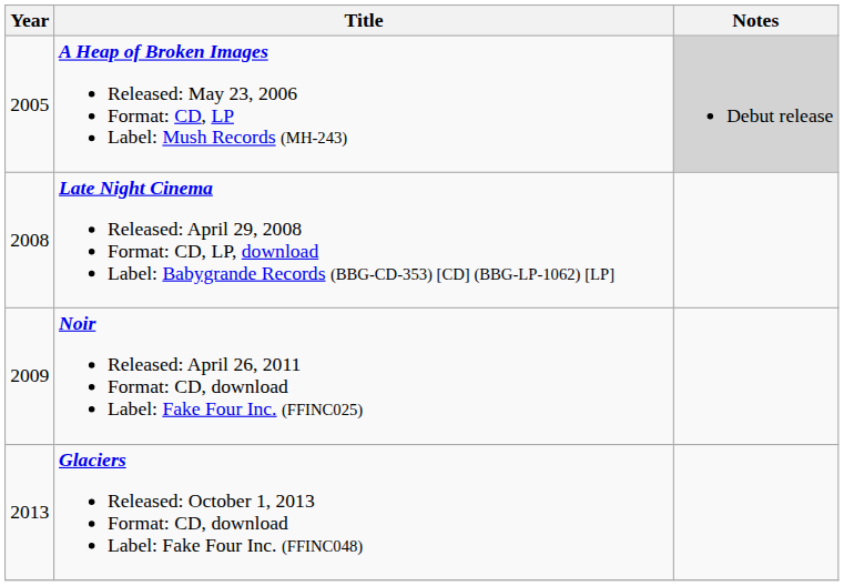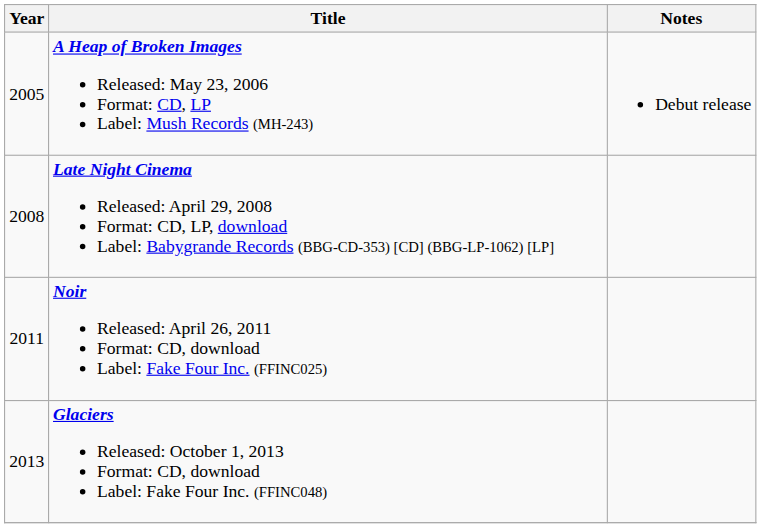 <table class="wikitable">
 <tr>
 <th rowspan="1" style="width:33px;">Year</th>
 <th rowspan="1" style="width:500px;">Title</th>
 <th rowspan="1">Notes</th>
 </tr>
 <tr>
 <td style="text-align:center;">2005</td>
 <td><strong><em><a href='#'>A Heap of Broken Images</a></em></strong><br><ul><li>Released: May 23, 2006</li><li>Format: <a href='#'>CD</a>, <a href='#'>LP</a></li><li>Label: <a href='#'>Mush Records</a> <small>(MH-243)</small></li></ul></td>
-<td style="background: lightgrey;"><br><ul><li>Debut release</li></ul></td>
+<td><br><ul><li>Debut release</li></ul></td>
 </tr>
 <tr>
 <td style="text-align:center;">2008</td>
 <td><strong><em><a href='#'>Late Night Cinema</a></em></strong><br><ul><li>Released: April 29, 2008</li><li>Format: CD, LP, <a href='#'>download</a></li><li>Label: <a href='#'>Babygrande Records</a> <small>(BBG-CD-353) [CD] (BBG-LP-1062) [LP]</small></li></ul></td>
 <td></td>
 </tr>
 <tr>
-<td style="text-align:center;">2009</td>
+<td style="text-align:center;">2011</td>
 <td><strong><em><a href='#'>Noir</a></em></strong><br><ul><li>Released: April 26, 2011</li><li>Format: CD, download</li><li>Label: <a href='#'>Fake Four Inc.</a> <small>(FFINC025)</small></li></ul></td>
 <td></td>
 </tr>
 <tr>
 <td style="text-align:center;">2013</td>
 <td><strong><em><a href='#'>Glaciers</a></em></strong><br><ul><li>Released: October 1, 2013</li><li>Format: CD, download</li><li>Label: Fake Four Inc. <small>(FFINC048)</small></li></ul></td>
 <td></td>
 </tr>
 <tr>
 </tr>
 </table>
